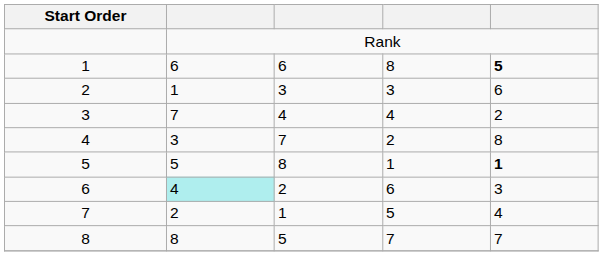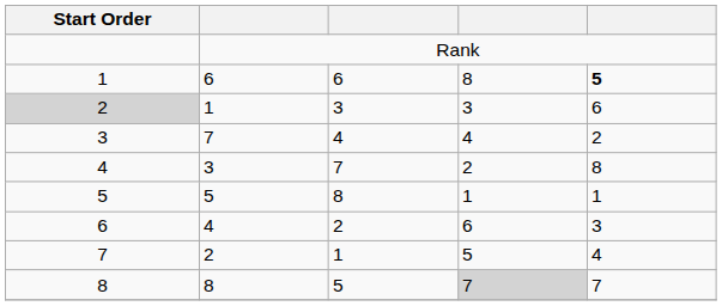 <table class="wikitable">
 <tr>
 <th width="15%">Start Order</th>
 <th width="10%"></th>
 <th width="10%"></th>
 <th width="10%"></th>
 <th width="10%"></th>
 </tr>
 <tr>
 <td></td>
 <td colspan=4 align=center>Rank</td>
 </tr>
 <tr>
 <td align=center>1</td>
 <td>6</td>
 <td>6</td>
 <td>8</td>
 <td><strong>5</strong></td>
 </tr>
 <tr>
-<td align=center>2</td>
+<td align=center style="background: lightgrey;">2</td>
 <td>1</td>
 <td>3</td>
 <td>3</td>
 <td>6</td>
 </tr>
 <tr>
 <td align=center>3</td>
 <td>7</td>
 <td>4</td>
 <td>4</td>
 <td>2</td>
 </tr>
 <tr>
 <td align=center>4</td>
 <td>3</td>
 <td>7</td>
 <td>2</td>
 <td>8</td>
 </tr>
 <tr>
 <td align=center>5</td>
 <td>5</td>
 <td>8</td>
 <td>1</td>
-<td><strong>1</strong></td>
+<td>1</td>
 </tr>
 <tr>
 <td align=center>6</td>
-<td style="background: paleturquoise;">4</td>
+<td>4</td>
 <td>2</td>
 <td>6</td>
 <td>3</td>
 </tr>
 <tr>
 <td align=center>7</td>
 <td>2</td>
 <td>1</td>
 <td>5</td>
 <td>4</td>
 </tr>
 <tr>
 <td align=center>8</td>
 <td>8</td>
 <td>5</td>
-<td>7</td>
+<td style="background: lightgrey;">7</td>
 <td>7</td>
 </tr>
 <tr>
 </tr>
 </table>
